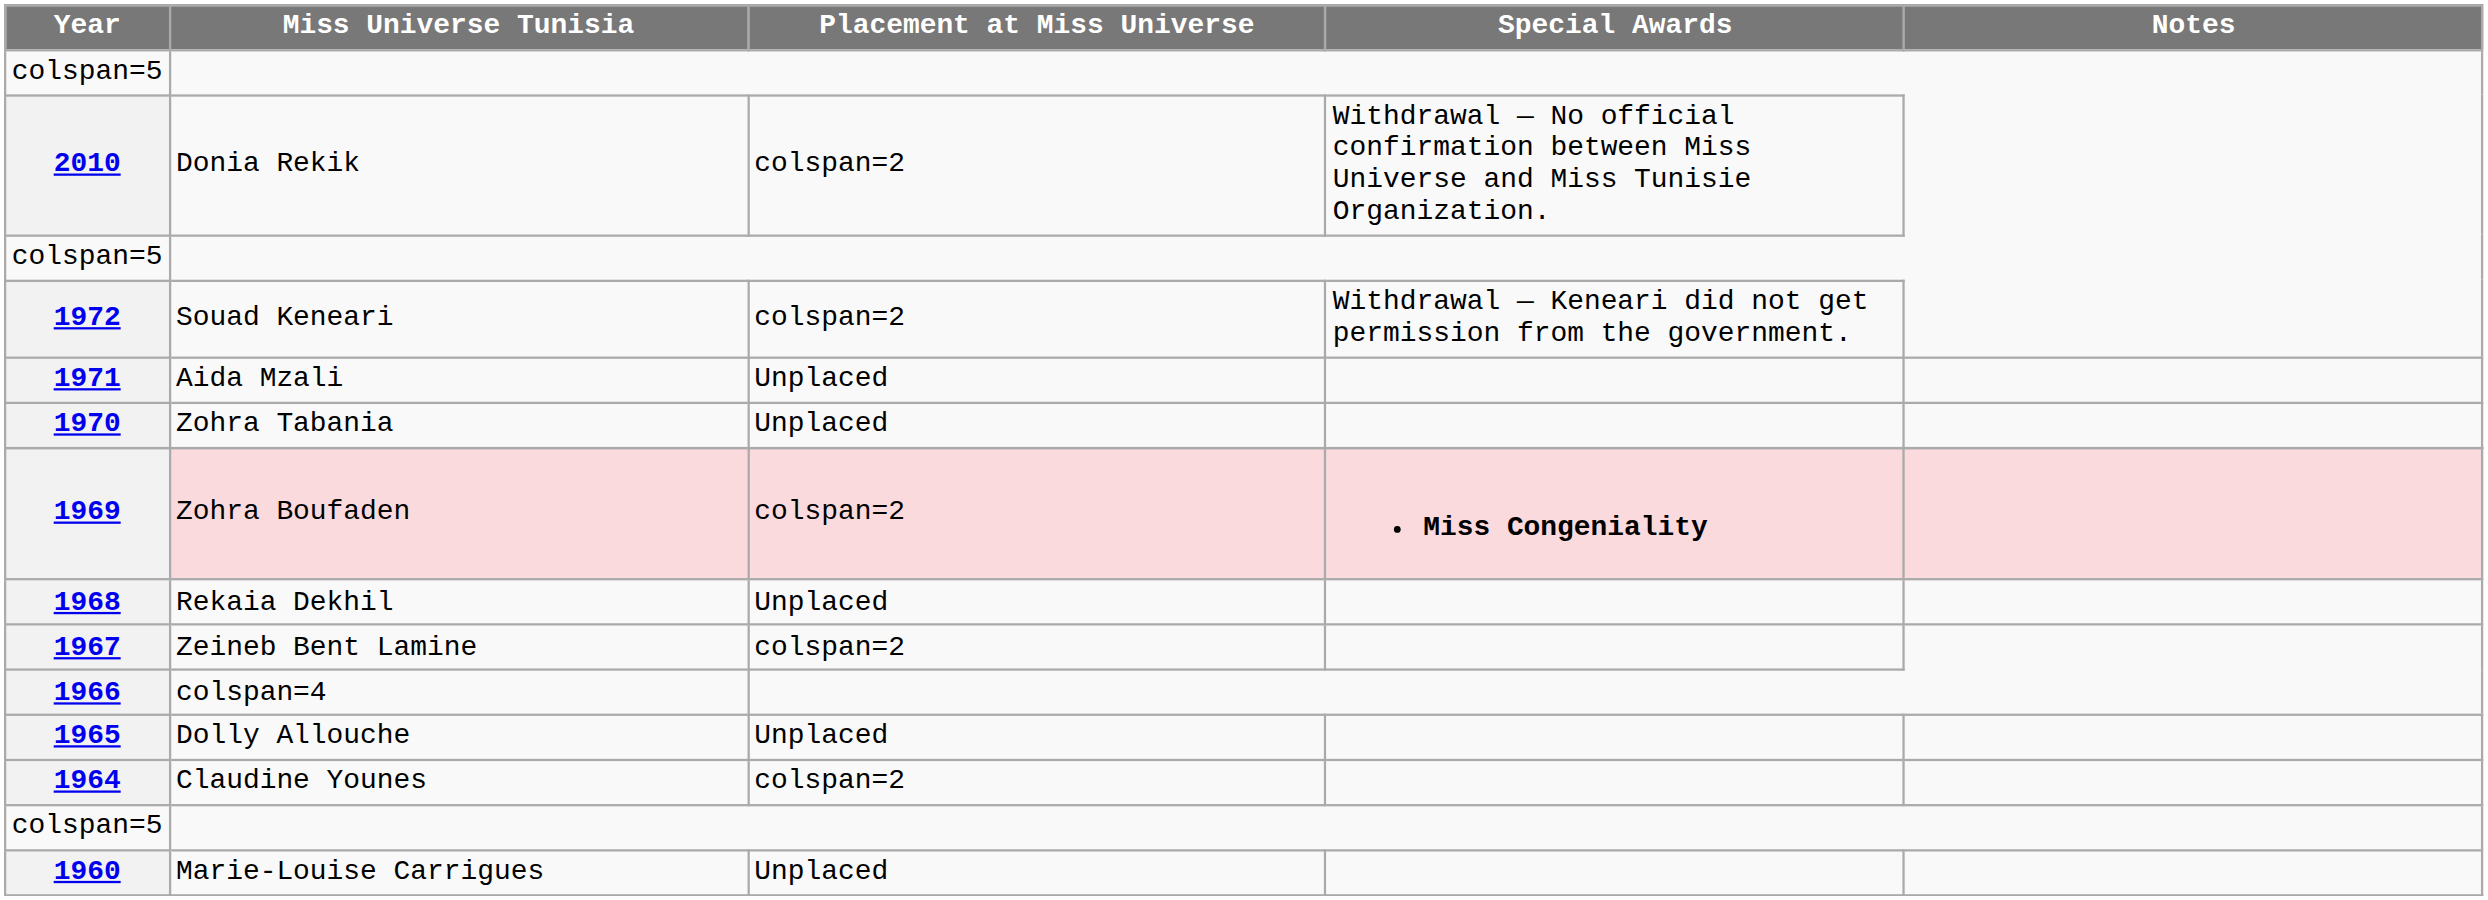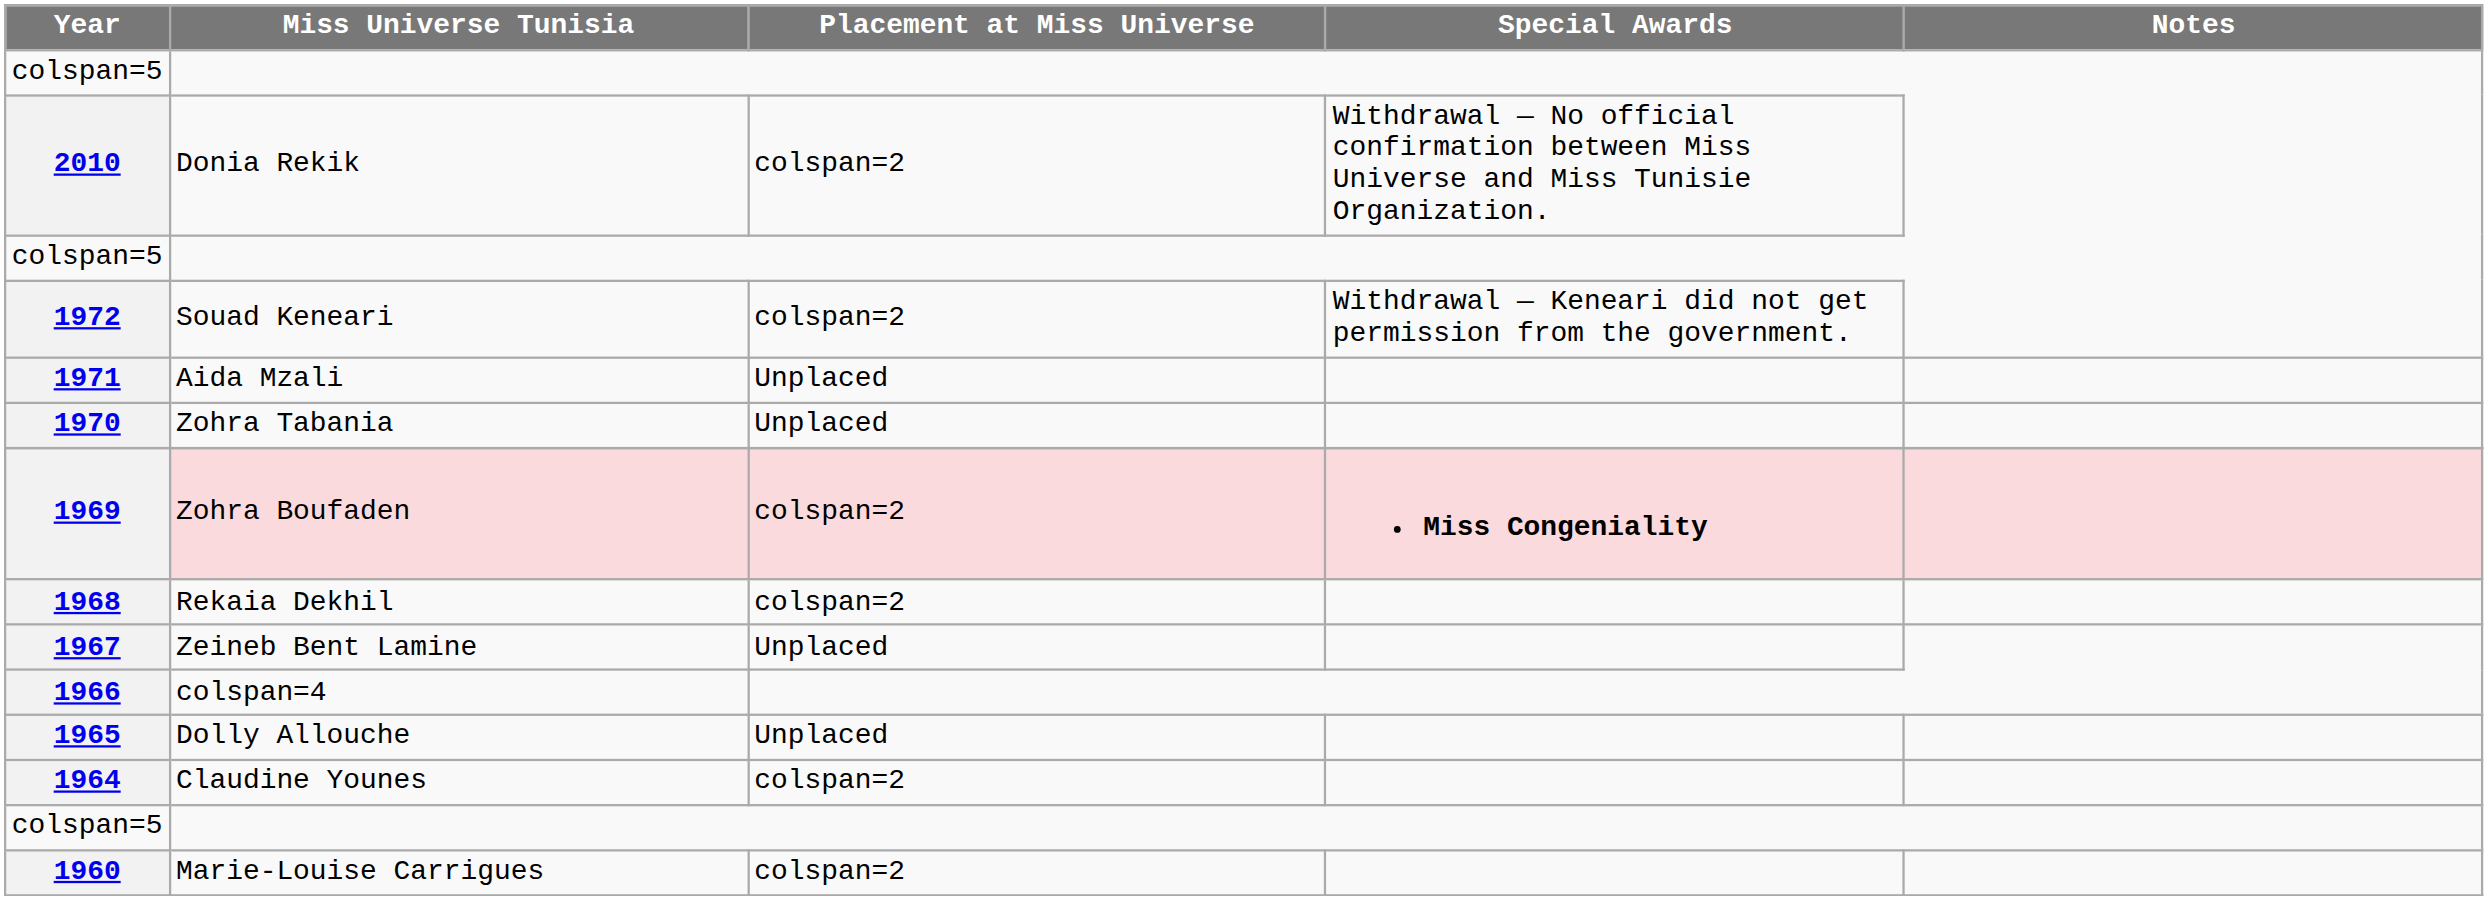 <table class="wikitable " style="font-size: 95%;">
 <tr>
 <th width="60" style="background-color:#787878;color:#FFFFFF;">Year</th>
 <th width="250" style="background-color:#787878;color:#FFFFFF;">Miss Universe Tunisia</th>
 <th width="250" style="background-color:#787878;color:#FFFFFF;">Placement at Miss Universe</th>
 <th width="250" style="background-color:#787878;color:#FFFFFF;">Special Awards</th>
 <th width="250" style="background-color:#787878;color:#FFFFFF;">Notes</th>
 </tr>
 <tr>
 <td>colspan=5 </td>
 </tr>
 <tr>
 <th><a href='#'>2010</a></th>
 <td>Donia Rekik</td>
 <td>colspan=2 </td>
 <td>Withdrawal — No official confirmation between Miss Universe and Miss Tunisie Organization.</td>
 </tr>
 <tr>
 <td>colspan=5 </td>
 </tr>
 <tr>
 <th><a href='#'>1972</a></th>
 <td>Souad Keneari</td>
 <td>colspan=2 </td>
 <td>Withdrawal — Keneari did not get permission from the government.</td>
 </tr>
 <tr>
 <th><a href='#'>1971</a></th>
 <td>Aida Mzali</td>
 <td>Unplaced</td>
 <td></td>
 <td></td>
 </tr>
 <tr>
 <th><a href='#'>1970</a></th>
 <td>Zohra Tabania</td>
 <td>Unplaced</td>
 <td></td>
 <td></td>
 </tr>
 <tr>
 </tr>
 <tr style="background-color:#FADADD;">
 <th><a href='#'>1969</a></th>
 <td>Zohra Boufaden</td>
 <td>colspan=2 </td>
 <td align="left"><strong><br><ul><li>Miss Congeniality</li></ul></strong></td>
 <td></td>
 </tr>
 <tr>
 <th><a href='#'>1968</a></th>
 <td>Rekaia Dekhil</td>
-<td>Unplaced</td>
+<td>colspan=2 </td>
 <td></td>
 <td></td>
 </tr>
 <tr>
 <th><a href='#'>1967</a></th>
 <td>Zeineb Bent Lamine</td>
-<td>colspan=2 </td>
+<td>Unplaced</td>
 <td></td>
 </tr>
 <tr>
 <th><a href='#'>1966</a></th>
 <td>colspan=4 </td>
 </tr>
 <tr>
 <th><a href='#'>1965</a></th>
 <td>Dolly Allouche</td>
 <td>Unplaced</td>
 <td></td>
 <td></td>
 </tr>
 <tr>
 <th><a href='#'>1964</a></th>
 <td>Claudine Younes</td>
 <td>colspan=2 </td>
 <td></td>
 <td></td>
 </tr>
 <tr>
 <td>colspan=5 </td>
 </tr>
 <tr>
 <th><a href='#'>1960</a></th>
 <td>Marie-Louise Carrigues</td>
-<td>Unplaced</td>
+<td>colspan=2 </td>
 <td></td>
 <td></td>
 </tr>
 <tr>
 </tr>
 </table>
